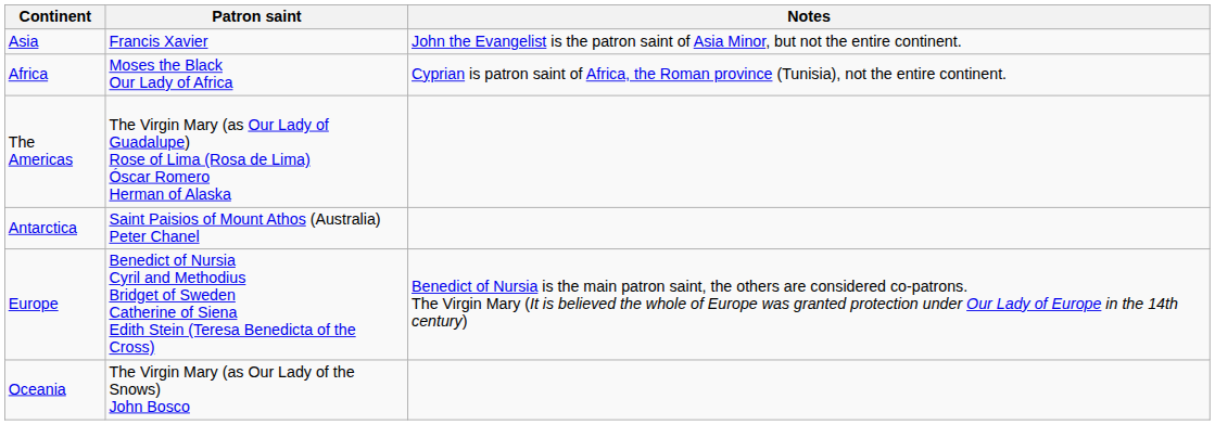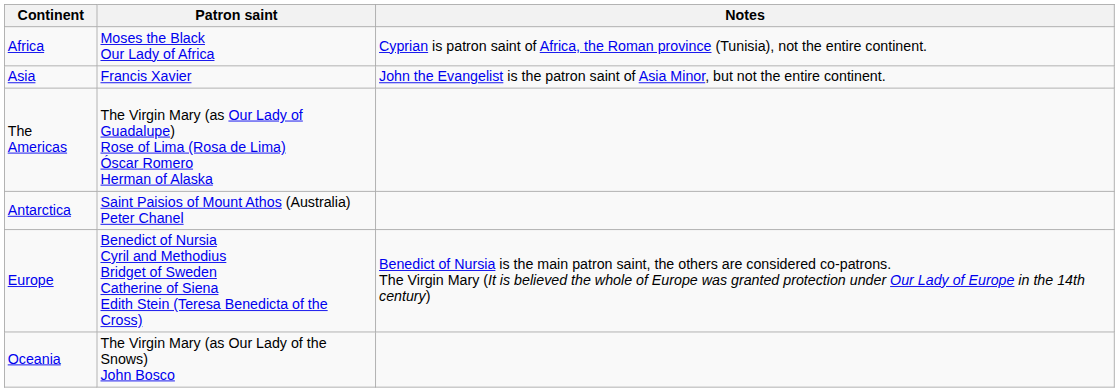 <table class="wikitable sortable">
 <tr>
 <th>Continent</th>
 <th>Patron saint</th>
 <th class=unsortable>Notes</th>
 </tr>
 <tr>
+<td><a href='#'>Africa</a></td>
+<td><a href='#'>Moses the Black</a><br><a href='#'>Our Lady of Africa</a></td>
+<td><a href='#'>Cyprian</a> is patron saint of <a href='#'>Africa, the Roman province</a> (Tunisia), not the entire continent.</td>
+</tr>
+<tr>
 <td><a href='#'>Asia</a></td>
 <td><a href='#'>Francis Xavier</a></td>
 <td><a href='#'>John the Evangelist</a> is the patron saint of <a href='#'>Asia Minor</a>, but not the entire continent.</td>
-</tr>
-<tr>
-<td><a href='#'>Africa</a></td>
-<td><a href='#'>Moses the Black</a><br><a href='#'>Our Lady of Africa</a></td>
-<td><a href='#'>Cyprian</a> is patron saint of <a href='#'>Africa, the Roman province</a> (Tunisia), not the entire continent.</td>
 </tr>
 <tr>
 <td>The <a href='#'>Americas</a></td>
 <td><br>The Virgin Mary (as <a href='#'>Our Lady of Guadalupe</a>)<br> <a href='#'>Rose of Lima (Rosa de Lima)</a><br> <a href='#'>Óscar Romero</a> <br> <a href='#'>Herman of Alaska</a></td>
 <td></td>
 </tr>
 <tr>
 <td><a href='#'>Antarctica</a></td>
 <td><a href='#'>Saint Paisios of Mount Athos</a> (Australia)<br><a href='#'>Peter Chanel</a></td>
 <td></td>
 </tr>
 <tr>
 <td><a href='#'>Europe</a></td>
 <td><a href='#'>Benedict of Nursia</a><br><a href='#'>Cyril and Methodius</a><br><a href='#'>Bridget of Sweden</a><br><a href='#'>Catherine of Siena</a><br><a href='#'>Edith Stein (Teresa Benedicta of the Cross)</a></td>
 <td><a href='#'>Benedict of Nursia</a> is the main patron saint, the others are considered co-patrons.<br>The Virgin Mary (<em>It is believed the whole of Europe was granted protection under <a href='#'>Our Lady of Europe</a> in the 14th century</em>)</td>
 </tr>
 <tr>
 <td><a href='#'>Oceania</a></td>
 <td>The Virgin Mary (as Our Lady of the Snows)<br><a href='#'>John Bosco</a></td>
 <td></td>
 </tr>
 </table>
